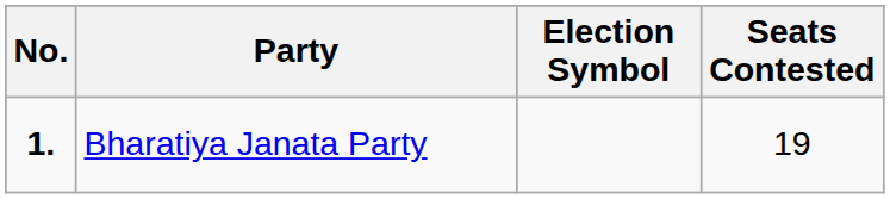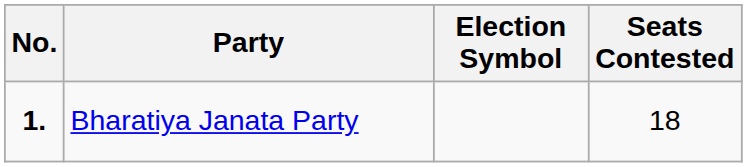 <table class="wikitable">
 <tr>
 <th scope="col" style="width:4px;">No.</th>
 <th scope="col" style="width:200px;">Party</th>
 <th scope="col" style="width:80px;">Election Symbol</th>
 <th scope="col" style="width:60px;">Seats Contested</th>
 </tr>
 <tr style="height: 45px;">
 <td style="text-align:center; background:"><strong>1.</strong></td>
 <td><a href='#'>Bharatiya Janata Party</a></td>
 <td style="text-align:center;"></td>
-<td style="text-align:center;">19</td>
+<td style="text-align:center;">18</td>
 </tr>
 </table>
